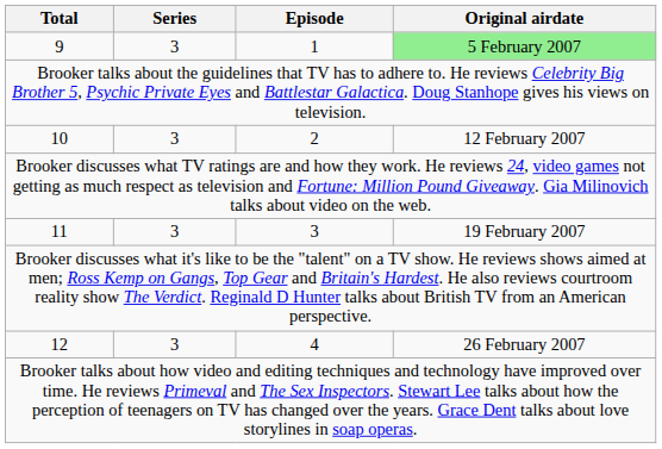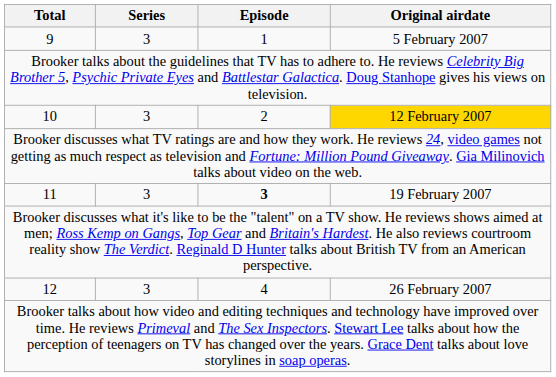 <table class="wikitable" style="text-align:center">
 <tr>
 <th>Total</th>
 <th>Series</th>
 <th>Episode</th>
 <th>Original airdate</th>
 </tr>
 <tr>
 <td>9</td>
 <td>3</td>
 <td>1</td>
-<td style="background: lightgreen;">5 February 2007</td>
+<td>5 February 2007</td>
 </tr>
 <tr>
 <td colspan="4">Brooker talks about the guidelines that TV has to adhere to. He reviews <em><a href='#'>Celebrity Big Brother 5</a></em>, <em><a href='#'>Psychic Private Eyes</a></em> and <em><a href='#'>Battlestar Galactica</a></em>. <a href='#'>Doug Stanhope</a> gives his views on television.</td>
 </tr>
 <tr>
 <td>10</td>
 <td>3</td>
 <td>2</td>
-<td>12 February 2007</td>
+<td style="background: gold;">12 February 2007</td>
 </tr>
 <tr>
 <td colspan="4">Brooker discusses what TV ratings are and how they work. He reviews <em><a href='#'>24</a></em>, <a href='#'>video games</a> not getting as much respect as television and <em><a href='#'>Fortune: Million Pound Giveaway</a></em>. <a href='#'>Gia Milinovich</a> talks about video on the web.</td>
 </tr>
 <tr>
 <td>11</td>
 <td>3</td>
-<td>3</td>
+<td><strong>3</strong></td>
 <td>19 February 2007</td>
 </tr>
 <tr>
 <td colspan="4">Brooker discusses what it's like to be the "talent" on a TV show. He reviews shows aimed at men; <em><a href='#'>Ross Kemp on Gangs</a></em>, <em><a href='#'>Top Gear</a></em> and <em><a href='#'>Britain's Hardest</a></em>. He also reviews courtroom reality show <em><a href='#'>The Verdict</a></em>. <a href='#'>Reginald D Hunter</a> talks about British TV from an American perspective.</td>
 </tr>
 <tr>
 <td>12</td>
 <td>3</td>
 <td>4</td>
 <td>26 February 2007</td>
 </tr>
 <tr>
 <td colspan="4">Brooker talks about how video and editing techniques and technology have improved over time. He reviews <em><a href='#'>Primeval</a></em> and <em><a href='#'>The Sex Inspectors</a></em>. <a href='#'>Stewart Lee</a> talks about how the perception of teenagers on TV has changed over the years. <a href='#'>Grace Dent</a> talks about love storylines in <a href='#'>soap operas</a>.</td>
 </tr>
 </table>
